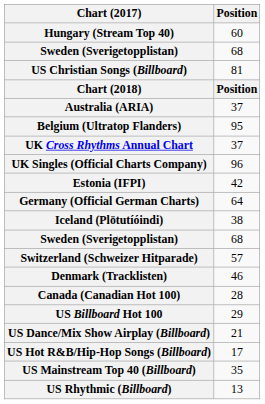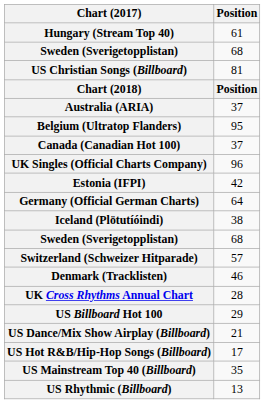 <table class="wikitable sortable plainrowheaders" style="text-align:center">
 <tr>
 <th scope="col">Chart (2017)</th>
 <th scope="col">Position</th>
 </tr>
 <tr>
 <th scope="row">Hungary (Stream Top 40)</th>
-<td>60</td>
+<td>61</td>
 </tr>
 <tr>
 <th scope="row">Sweden (Sverigetopplistan)</th>
 <td>68</td>
 </tr>
 <tr>
 <th scope="row">US Christian Songs (<em>Billboard</em>)</th>
 <td>81</td>
 </tr>
 <tr>
 <th scope="col">Chart (2018)</th>
 <th scope="col">Position</th>
 </tr>
 <tr>
 <th scope="row">Australia (ARIA)</th>
 <td>37</td>
 </tr>
 <tr>
 <th scope="row">Belgium (Ultratop Flanders)</th>
 <td>95</td>
 </tr>
 <tr>
-<th scope="row">UK <a href='#'><em> Cross Rhythms</em> Annual Chart</a></th>
+<th scope="row">Canada (Canadian Hot 100)</th>
 <td>37</td>
 </tr>
 <tr>
 <th scope="row">UK Singles (Official Charts Company)</th>
 <td>96</td>
 </tr>
 <tr>
 <th scope="row">Estonia (IFPI)</th>
 <td>42</td>
 </tr>
 <tr>
 <th scope="row">Germany (Official German Charts)</th>
 <td>64</td>
 </tr>
 <tr>
 <th scope="row">Iceland (Plötutíóindi)</th>
 <td>38</td>
 </tr>
 <tr>
 <th scope="row">Sweden (Sverigetopplistan)</th>
 <td>68</td>
 </tr>
 <tr>
 <th scope="row">Switzerland (Schweizer Hitparade)</th>
 <td>57</td>
 </tr>
 <tr>
 <th scope="row">Denmark (Tracklisten)</th>
 <td>46</td>
 </tr>
 <tr>
-<th scope="row">Canada (Canadian Hot 100)</th>
+<th scope="row">UK <a href='#'><em> Cross Rhythms</em> Annual Chart</a></th>
 <td>28</td>
 </tr>
 <tr>
 <th scope="row">US <em>Billboard</em> Hot 100</th>
 <td>29</td>
 </tr>
 <tr>
 <th scope="row">US Dance/Mix Show Airplay (<em>Billboard</em>)</th>
 <td>21</td>
 </tr>
 <tr>
 <th scope="row">US Hot R&B/Hip-Hop Songs (<em>Billboard</em>)</th>
 <td>17</td>
 </tr>
 <tr>
 <th scope="row">US Mainstream Top 40 (<em>Billboard</em>)</th>
 <td>35</td>
 </tr>
 <tr>
 <th scope="row">US Rhythmic (<em>Billboard</em>)</th>
 <td>13</td>
 </tr>
 </table>
